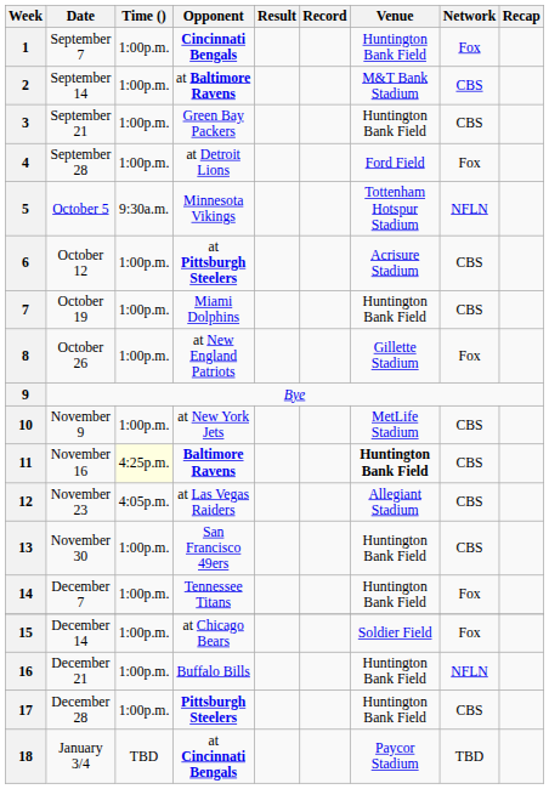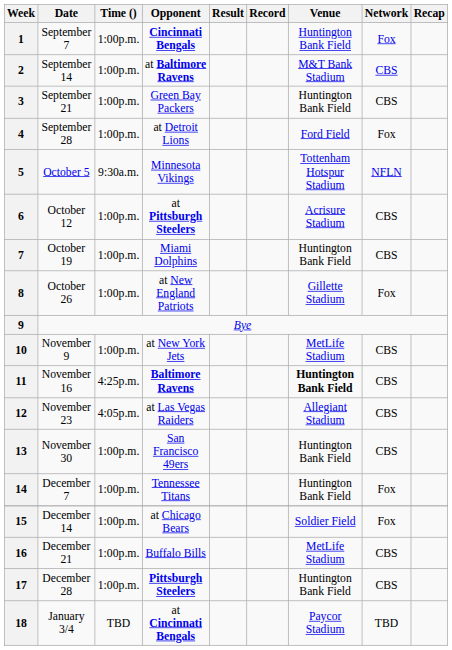 <table class="wikitable" style="text-align:center">
 <tr>
 <th>Week</th>
 <th>Date</th>
 <th>Time (<a href='#'></a>)</th>
 <th>Opponent</th>
 <th>Result</th>
 <th>Record</th>
 <th>Venue</th>
 <th>Network</th>
 <th>Recap</th>
 </tr>
 <tr>
 <th>1 </th>
 <td>September 7</td>
 <td>1:00p.m.</td>
 <td><strong><a href='#'>Cincinnati Bengals</a></strong></td>
 <td></td>
 <td></td>
 <td><a href='#'>Huntington Bank Field</a></td>
 <td><a href='#'>Fox</a></td>
 <td></td>
 </tr>
 <tr>
 <th>2 </th>
 <td>September 14</td>
 <td>1:00p.m.</td>
 <td>at <strong><a href='#'>Baltimore Ravens</a></strong></td>
 <td></td>
 <td></td>
 <td><a href='#'>M&T Bank Stadium</a></td>
 <td><a href='#'>CBS</a></td>
 <td></td>
 </tr>
 <tr>
 <th>3 </th>
 <td>September 21</td>
 <td>1:00p.m.</td>
 <td><a href='#'>Green Bay Packers</a></td>
 <td></td>
 <td></td>
 <td>Huntington Bank Field</td>
 <td>CBS</td>
 <td></td>
 </tr>
 <tr>
 <th>4 </th>
 <td>September 28</td>
 <td>1:00p.m.</td>
 <td>at <a href='#'>Detroit Lions</a></td>
 <td></td>
 <td></td>
 <td><a href='#'>Ford Field</a></td>
 <td>Fox</td>
 <td></td>
 </tr>
 <tr>
 <th>5 </th>
 <td><a href='#'>October 5</a></td>
 <td>9:30a.m.</td>
 <td><a href='#'>Minnesota Vikings</a></td>
 <td></td>
 <td></td>
 <td> <a href='#'>Tottenham Hotspur Stadium</a> </td>
 <td><a href='#'>NFLN</a></td>
 <td></td>
 </tr>
 <tr>
 <th>6 </th>
 <td>October 12</td>
 <td>1:00p.m.</td>
 <td>at <strong><a href='#'>Pittsburgh Steelers</a></strong></td>
 <td></td>
 <td></td>
 <td><a href='#'>Acrisure Stadium</a></td>
 <td>CBS</td>
 <td></td>
 </tr>
 <tr>
 <th>7 </th>
 <td>October 19</td>
 <td>1:00p.m.</td>
 <td><a href='#'>Miami Dolphins</a></td>
 <td></td>
 <td></td>
 <td>Huntington Bank Field</td>
 <td>CBS</td>
 <td></td>
 </tr>
 <tr>
 <th>8 </th>
 <td>October 26</td>
 <td>1:00p.m.</td>
 <td>at <a href='#'>New England Patriots</a></td>
 <td></td>
 <td></td>
 <td><a href='#'>Gillette Stadium</a></td>
 <td>Fox</td>
 <td></td>
 </tr>
 <tr>
 <th>9</th>
 <td colspan=8><em><a href='#'>Bye</a></em></td>
 </tr>
 <tr>
 <th>10 </th>
 <td>November 9</td>
 <td>1:00p.m.</td>
 <td>at <a href='#'>New York Jets</a></td>
 <td></td>
 <td></td>
 <td><a href='#'>MetLife Stadium</a></td>
 <td>CBS</td>
 <td></td>
 </tr>
 <tr>
 <th>11 </th>
 <td>November 16</td>
-<td style="background: lightyellow;">4:25p.m.</td>
+<td>4:25p.m.</td>
 <td><strong><a href='#'>Baltimore Ravens</a></strong></td>
 <td></td>
 <td></td>
 <td><strong>Huntington Bank Field</strong></td>
 <td>CBS</td>
 <td></td>
 </tr>
 <tr>
 <th>12 </th>
 <td>November 23</td>
 <td>4:05p.m.</td>
 <td>at <a href='#'>Las Vegas Raiders</a></td>
 <td></td>
 <td></td>
 <td><a href='#'>Allegiant Stadium</a></td>
 <td>CBS</td>
 <td></td>
 </tr>
 <tr>
 <th>13 </th>
 <td>November 30</td>
 <td>1:00p.m.</td>
 <td><a href='#'>San Francisco 49ers</a></td>
 <td></td>
 <td></td>
 <td>Huntington Bank Field</td>
 <td>CBS</td>
 <td></td>
 </tr>
 <tr>
 <th>14 </th>
 <td>December 7</td>
 <td>1:00p.m.</td>
 <td><a href='#'>Tennessee Titans</a></td>
 <td></td>
 <td></td>
 <td>Huntington Bank Field</td>
 <td>Fox</td>
 <td></td>
 </tr>
 <tr>
 </tr>
 <tr>
 <th>15 </th>
 <td>December 14</td>
 <td>1:00p.m.</td>
 <td>at <a href='#'>Chicago Bears</a></td>
 <td></td>
 <td></td>
 <td><a href='#'>Soldier Field </a></td>
 <td>Fox</td>
 <td></td>
 </tr>
 <tr>
 <th>16 </th>
 <td>December 21</td>
 <td>1:00p.m.</td>
 <td><a href='#'>Buffalo Bills</a></td>
 <td></td>
 <td></td>
-<td>Huntington Bank Field</td>
-<td><a href='#'>NFLN</a></td>
+<td><a href='#'>MetLife Stadium</a></td>
+<td>CBS</td>
 <td></td>
 </tr>
 <tr>
 <th>17 </th>
 <td>December 28</td>
 <td>1:00p.m.</td>
 <td><strong><a href='#'>Pittsburgh Steelers</a></strong></td>
 <td></td>
 <td></td>
 <td>Huntington Bank Field</td>
 <td>CBS</td>
 <td></td>
 </tr>
 <tr>
 <th>18 </th>
 <td>January 3/4</td>
 <td>TBD</td>
 <td>at <strong><a href='#'>Cincinnati Bengals</a></strong></td>
 <td></td>
 <td></td>
 <td><a href='#'>Paycor Stadium</a></td>
 <td>TBD</td>
 <td></td>
 </tr>
 </table>
